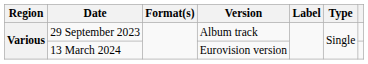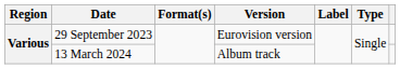 <table class="wikitable plainrowheaders">
 <tr>
 <th scope="col">Region</th>
 <th scope="col">Date</th>
 <th scope="col">Format(s)</th>
 <th>Version</th>
 <th scope="col">Label</th>
 <th scope="col">Type</th>
 <th scope="col"></th>
 </tr>
 <tr>
 <th rowspan="2" scope="row">Various</th>
 <td>29 September 2023</td>
 <td rowspan="2"></td>
-<td>Album track</td>
+<td>Eurovision version</td>
 <td rowspan="2"></td>
 <td rowspan="2">Single</td>
 <td align="center"></td>
 </tr>
 <tr>
 <td>13 March 2024</td>
-<td>Eurovision version</td>
+<td>Album track</td>
 <td align="center"></td>
 </tr>
 </table>
